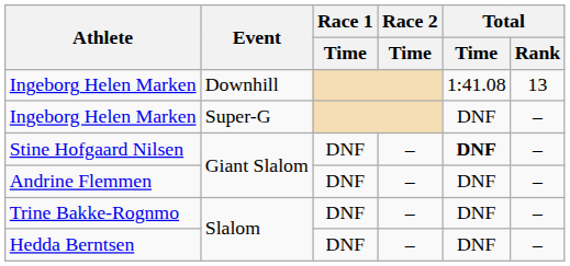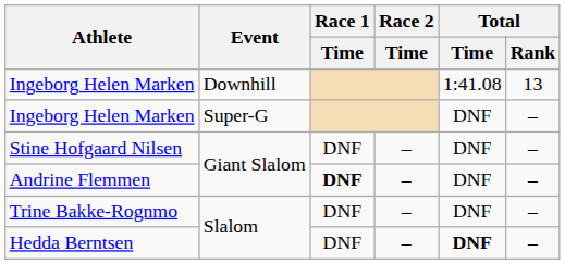 <table class="wikitable" style="font-size:90%">
 <tr>
 <th rowspan="2">Athlete</th>
 <th rowspan="2">Event</th>
 <th>Race 1</th>
 <th>Race 2</th>
 <th colspan="2">Total</th>
 </tr>
 <tr>
 <th>Time</th>
 <th>Time</th>
 <th>Time</th>
 <th>Rank</th>
 </tr>
 <tr>
 <td><a href='#'>Ingeborg Helen Marken</a></td>
 <td>Downhill</td>
 <td colspan="2" bgcolor="wheat"></td>
 <td align="center">1:41.08</td>
 <td align="center">13</td>
 </tr>
 <tr>
 <td><a href='#'>Ingeborg Helen Marken</a></td>
 <td>Super-G</td>
 <td colspan="2" bgcolor="wheat"></td>
 <td align="center">DNF</td>
 <td align="center">–</td>
 </tr>
 <tr>
 <td><a href='#'>Stine Hofgaard Nilsen</a></td>
 <td rowspan="2">Giant Slalom</td>
 <td align="center">DNF</td>
 <td align="center">–</td>
-<td align="center"><strong>DNF</strong></td>
+<td align="center">DNF</td>
 <td align="center">–</td>
 </tr>
 <tr>
 <td><a href='#'>Andrine Flemmen</a></td>
-<td align="center">DNF</td>
+<td align="center"><strong>DNF</strong></td>
 <td align="center">–</td>
 <td align="center">DNF</td>
 <td align="center">–</td>
 </tr>
 <tr>
 <td><a href='#'>Trine Bakke-Rognmo</a></td>
 <td rowspan="2">Slalom</td>
 <td align="center">DNF</td>
 <td align="center">–</td>
 <td align="center">DNF</td>
 <td align="center">–</td>
 </tr>
 <tr>
 <td><a href='#'>Hedda Berntsen</a></td>
 <td align="center">DNF</td>
 <td align="center">–</td>
-<td align="center">DNF</td>
+<td align="center"><strong>DNF</strong></td>
 <td align="center">–</td>
 </tr>
 </table>
